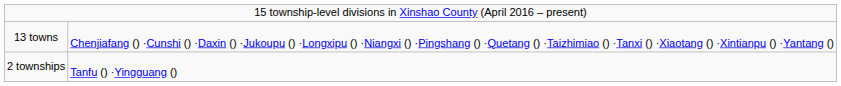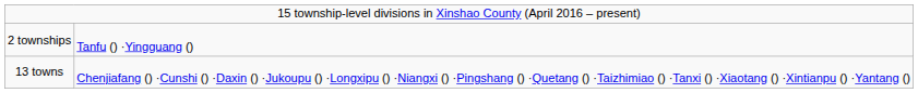 <table class="wikitable">
 <tr>
 <td style="text-align:center;" colspan="2">15 township-level divisions in <a href='#'>Xinshao County</a> (April 2016 – present)</td>
 </tr>
 <tr align=left>
+<td align=center>2 townships</td>
+<td><br><a href='#'>Tanfu</a> () ·<a href='#'>Yingguang</a> ()</td>
+</tr>
+<tr align=left>
 <td align=center>13 towns</td>
 <td><br><a href='#'>Chenjiafang</a> () ·<a href='#'>Cunshi</a> () ·<a href='#'>Daxin</a> () ·<a href='#'>Jukoupu</a> () ·<a href='#'>Longxipu</a> () ·<a href='#'>Niangxi</a> () ·<a href='#'>Pingshang</a> () ·<a href='#'>Quetang</a> () ·<a href='#'>Taizhimiao</a> () ·<a href='#'>Tanxi</a> () ·<a href='#'>Xiaotang</a> () ·<a href='#'>Xintianpu</a> () ·<a href='#'>Yantang</a> ()</td>
 </tr>
-<tr align=left>
-<td align=center>2 townships</td>
-<td><br><a href='#'>Tanfu</a> () ·<a href='#'>Yingguang</a> ()</td>
-</tr>
 </table>
